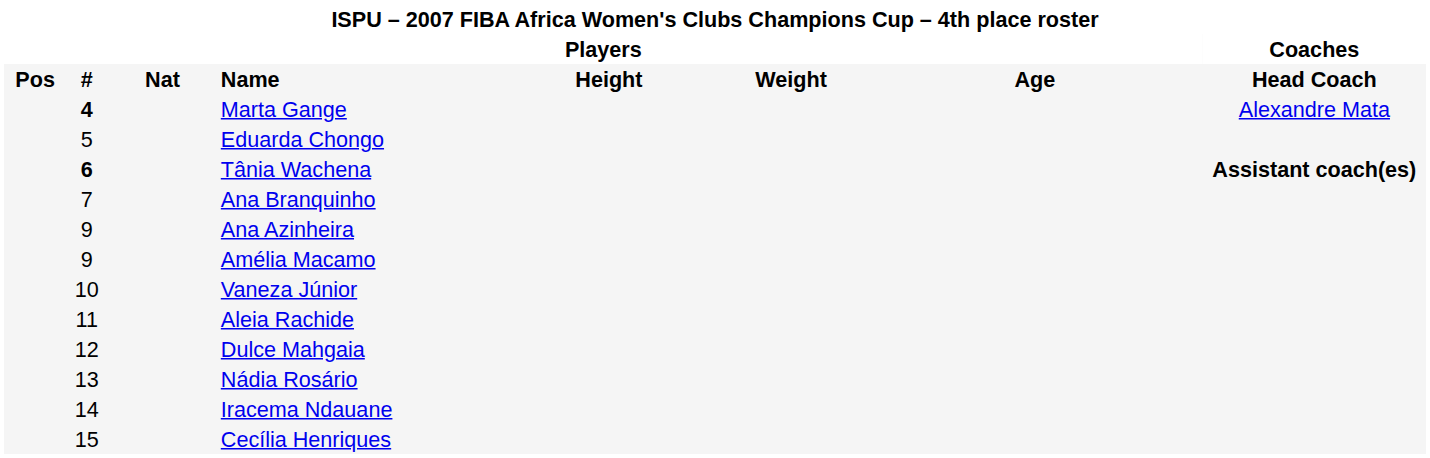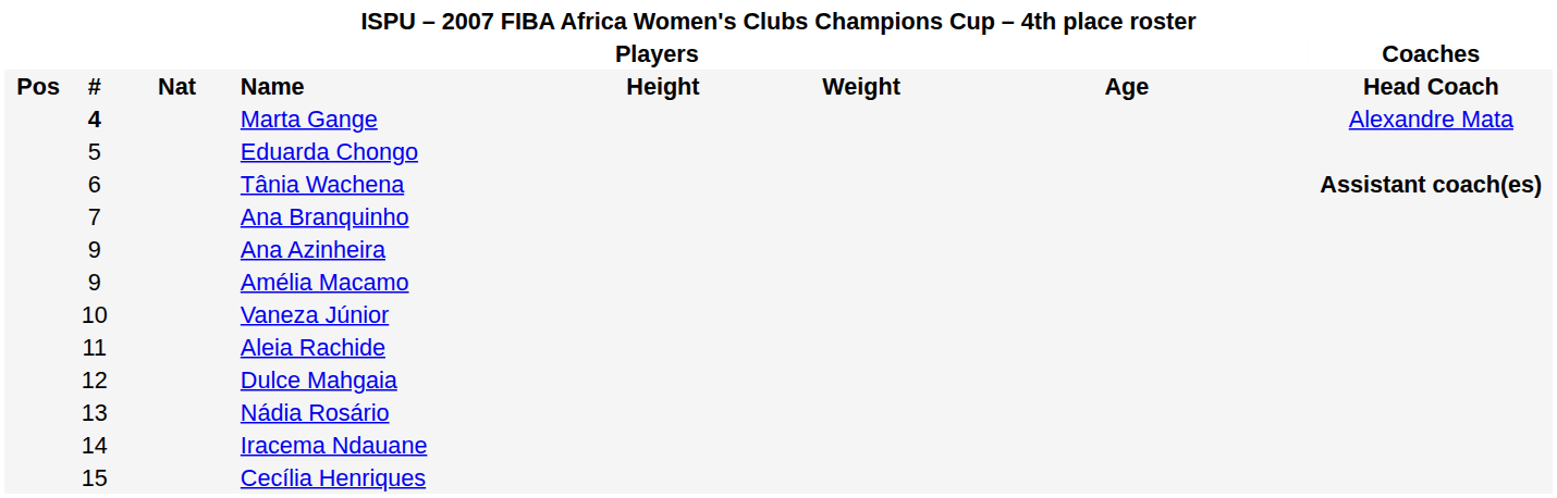 <table border=0 cellpadding=2 cellspacing=0  |- bgcolor=#f5f5f5 style="text-align:center; font-size:90%;" width=75%>
 <tr>
 <td colspan="8" style="background: white; color: black"><strong>ISPU – 2007 FIBA Africa Women's Clubs Champions Cup – 4th place roster</strong></td>
 </tr>
 <tr>
 <td colspan="7" style="background: white; color: black"><strong>Players</strong></td>
 <td style="background: white; color: black"><strong>Coaches</strong></td>
 </tr>
 <tr style="background=#f5f5f5; color: black">
 <th width=5px>Pos</th>
 <th width=5px>#</th>
 <th width=50px>Nat</th>
 <th width=135px align=left>Name</th>
 <th width=100px>Height</th>
 <th width=70px>Weight</th>
 <th width=160px>Age</th>
 <th width=105px>Head Coach</th>
 </tr>
 <tr>
 <td></td>
 <td><strong>4</strong></td>
 <td></td>
 <td align=left><a href='#'>Marta Gange</a></td>
 <td></td>
 <td></td>
 <td><span></span></td>
 <td> <a href='#'>Alexandre Mata</a></td>
 </tr>
 <tr>
 <td></td>
 <td>5</td>
 <td></td>
 <td align=left><a href='#'>Eduarda Chongo</a></td>
 <td></td>
 <td></td>
 <td><span></span></td>
 </tr>
 <tr>
 <td></td>
-<td><strong>6</strong></td>
+<td>6</td>
 <td></td>
 <td align=left><a href='#'>Tânia Wachena</a></td>
 <td></td>
 <td></td>
 <td><span></span></td>
 <td><strong>Assistant coach(es)</strong></td>
 </tr>
 <tr>
 <td></td>
 <td>7</td>
 <td></td>
 <td align=left><a href='#'>Ana Branquinho</a></td>
 <td></td>
 <td></td>
 <td><span></span></td>
 <td></td>
 </tr>
 <tr>
 <td></td>
 <td>9</td>
 <td></td>
 <td align=left><a href='#'>Ana Azinheira</a></td>
 <td></td>
 <td></td>
 <td><span></span></td>
 </tr>
 <tr>
 <td></td>
 <td>9</td>
 <td></td>
 <td align=left><a href='#'>Amélia Macamo</a></td>
 <td></td>
 <td></td>
 <td><span></span></td>
 </tr>
 <tr>
 <td></td>
 <td>10</td>
 <td></td>
 <td align=left><a href='#'>Vaneza Júnior</a></td>
 <td></td>
 <td></td>
 <td><span></span></td>
 </tr>
 <tr>
 <td></td>
 <td>11</td>
 <td></td>
 <td align=left><a href='#'>Aleia Rachide</a></td>
 <td></td>
 <td></td>
 <td><span></span></td>
 </tr>
 <tr>
 <td></td>
 <td>12</td>
 <td></td>
 <td align=left><a href='#'>Dulce Mahgaia</a></td>
 <td></td>
 <td></td>
 <td><span></span></td>
 </tr>
 <tr>
 <td></td>
 <td>13</td>
 <td></td>
 <td align=left><a href='#'>Nádia Rosário</a></td>
 <td></td>
 <td></td>
 <td><span></span></td>
 </tr>
 <tr>
 <td></td>
 <td>14</td>
 <td></td>
 <td align=left><a href='#'>Iracema Ndauane</a></td>
 <td></td>
 <td></td>
 <td><span></span></td>
 </tr>
 <tr>
 <td></td>
 <td>15</td>
 <td></td>
 <td align=left><a href='#'>Cecília Henriques</a></td>
 <td></td>
 <td></td>
 <td><span></span></td>
 </tr>
 </table>
